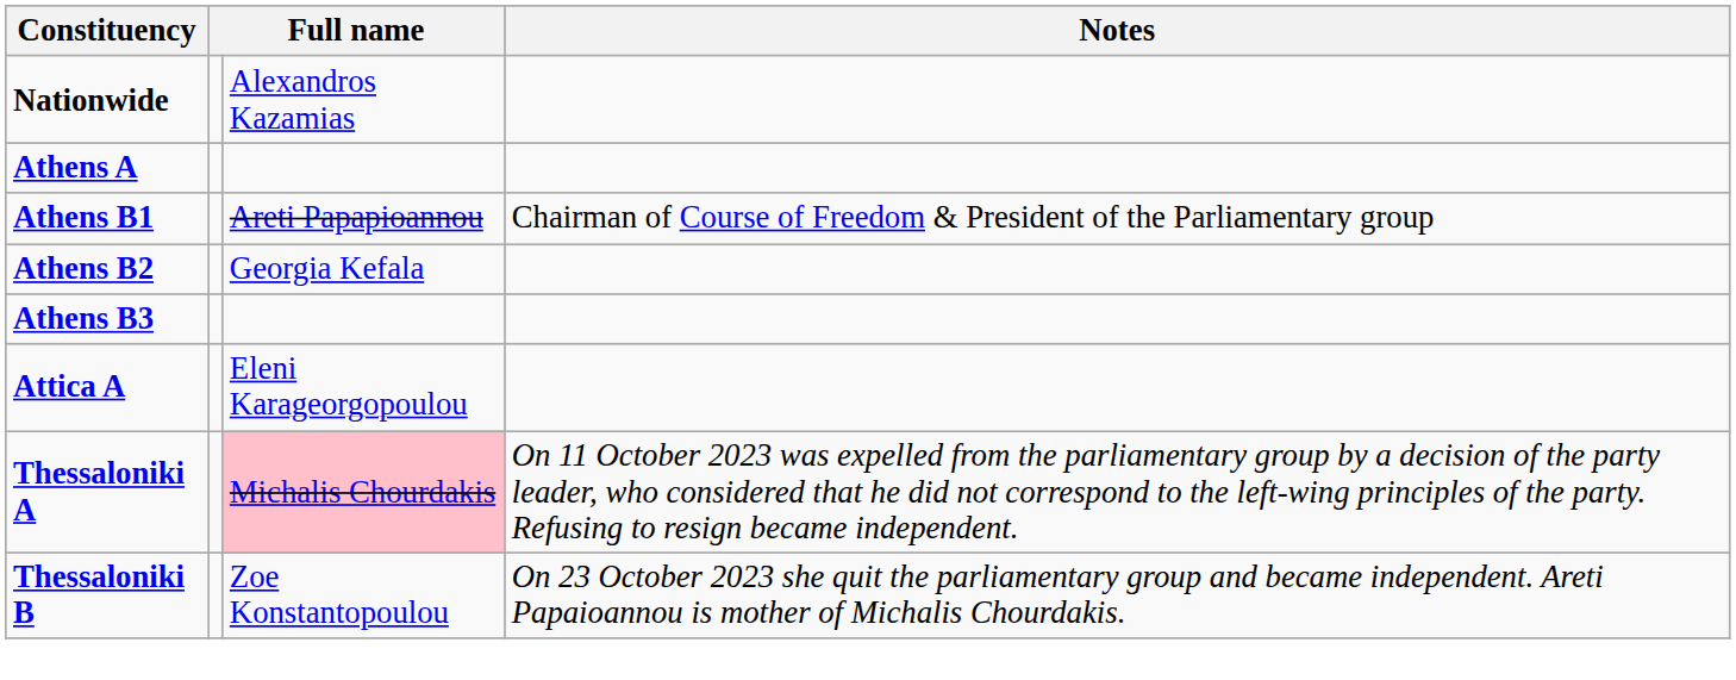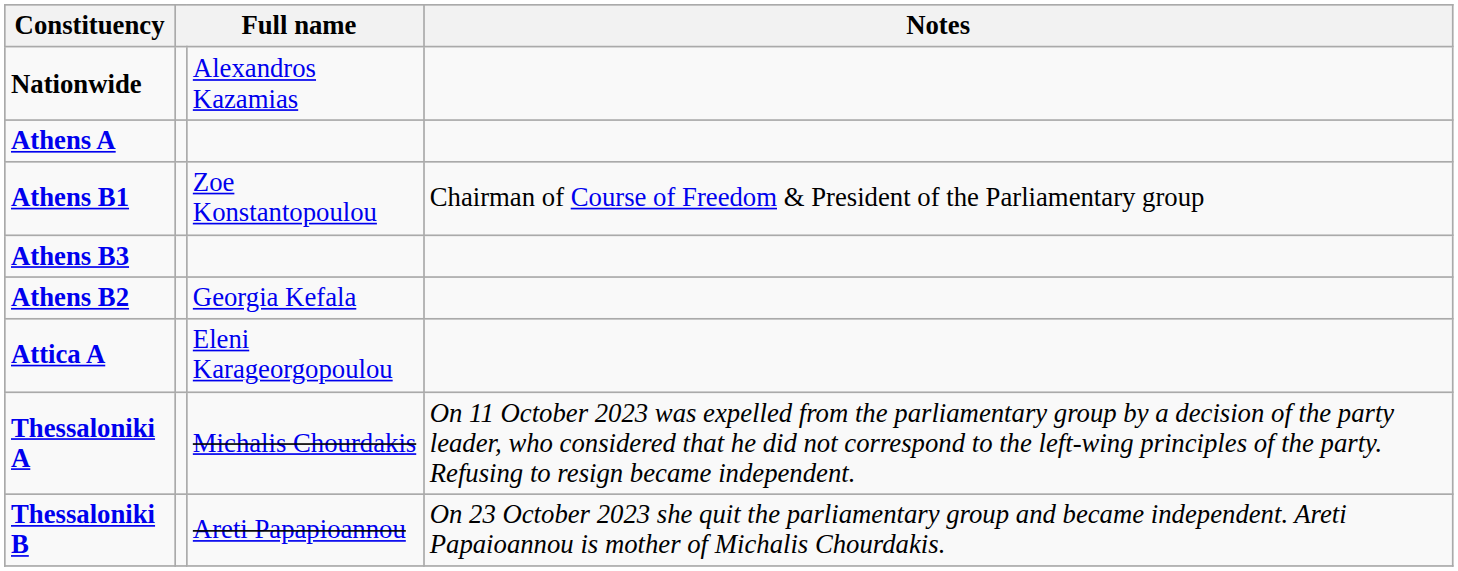 <table class="wikitable">
 <tr>
 <th>Constituency</th>
 <th colspan="2">Full name</th>
 <th>Notes</th>
 </tr>
 <tr>
 <td><strong>Nationwide</strong></td>
 <td></td>
 <td><a href='#'>Alexandros Kazamias</a></td>
 <td></td>
 </tr>
 <tr>
 <td><strong><a href='#'>Athens A</a></strong></td>
 <td></td>
 <td></td>
 <td></td>
 </tr>
 <tr>
 <td><strong><a href='#'>Athens B1</a></strong></td>
 <td></td>
-<td><s><a href='#'>Areti Papapioannou</a></s></td>
+<td><a href='#'>Zoe Konstantopoulou</a></td>
 <td>Chairman of <a href='#'>Course of Freedom</a> & President of the Parliamentary group</td>
+</tr>
+<tr>
+<td><strong><a href='#'>Athens B3</a></strong></td>
+<td></td>
+<td></td>
+<td></td>
 </tr>
 <tr>
 <td><strong><a href='#'>Athens B2</a></strong></td>
 <td></td>
 <td><a href='#'>Georgia Kefala</a></td>
-<td></td>
-</tr>
-<tr>
-<td><strong><a href='#'>Athens B3</a></strong></td>
-<td></td>
-<td></td>
 <td></td>
 </tr>
 <tr>
 <td><a href='#'><strong>Attica A</strong></a></td>
 <td></td>
 <td><a href='#'>Eleni Karageorgopoulou</a></td>
 <td></td>
 </tr>
 <tr>
 <td><strong><a href='#'>Thessaloniki A</a></strong></td>
 <td></td>
-<td style="background: pink;"><s><a href='#'>Michalis Chourdakis</a></s></td>
+<td><s><a href='#'>Michalis Chourdakis</a></s></td>
 <td><em>On 11 October 2023 was expelled from the parliamentary group by a decision of the party leader, who considered that he did not correspond to the left-wing principles of the party. Refusing to resign became independent.</em></td>
 </tr>
 <tr>
 <td><strong><a href='#'>Thessaloniki B</a></strong></td>
 <td></td>
-<td><a href='#'>Zoe Konstantopoulou</a></td>
+<td><s><a href='#'>Areti Papapioannou</a></s></td>
 <td><em>On 23 October 2023 she quit the parliamentary group and became independent. Areti Papaioannou is mother of Michalis Chourdakis.</em></td>
 </tr>
 </table>
